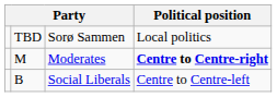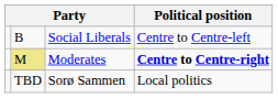 <table class="wikitable">
 <tr>
 <th colspan="3">Party</th>
 <th>Political position</th>
 </tr>
 <tr>
 <td></td>
-<td>TBD</td>
-<td>Sorø Sammen</td>
-<td>Local politics</td>
+<td>B</td>
+<td><a href='#'>Social Liberals</a></td>
+<td><a href='#'>Centre</a> to <a href='#'>Centre-left</a></td>
 </tr>
 <tr>
 <td></td>
-<td>M</td>
+<td style="background: khaki;">M</td>
 <td><a href='#'>Moderates</a></td>
 <td><strong><a href='#'>Centre</a> to <a href='#'>Centre-right</a></strong></td>
 </tr>
 <tr>
 <td></td>
-<td>B</td>
-<td><a href='#'>Social Liberals</a></td>
-<td><a href='#'>Centre</a> to <a href='#'>Centre-left</a></td>
+<td>TBD</td>
+<td>Sorø Sammen</td>
+<td>Local politics</td>
 </tr>
 </table>
